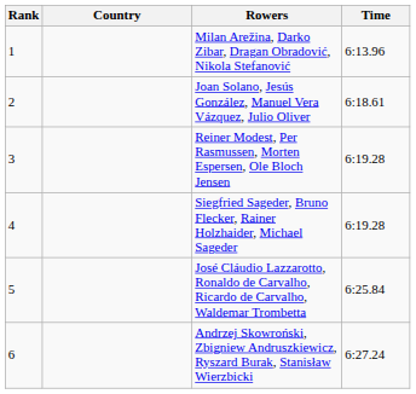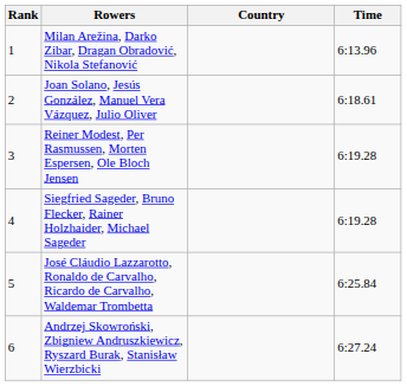 <table class="wikitable">
 <tr>
 <th width=25>Rank</th>
+<th width=175>Rowers</th>
 <th width=175>Country</th>
-<th width=175>Rowers</th>
 <th width=75>Time</th>
 </tr>
 <tr>
 <td>1</td>
+<td><a href='#'>Milan Arežina</a>, <a href='#'>Darko Zibar</a>, <a href='#'>Dragan Obradović</a>, <a href='#'>Nikola Stefanović</a></td>
 <td></td>
-<td><a href='#'>Milan Arežina</a>, <a href='#'>Darko Zibar</a>, <a href='#'>Dragan Obradović</a>, <a href='#'>Nikola Stefanović</a></td>
 <td>6:13.96</td>
 </tr>
 <tr>
 <td>2</td>
+<td><a href='#'>Joan Solano</a>, <a href='#'>Jesús González</a>, <a href='#'>Manuel Vera Vázquez</a>, <a href='#'>Julio Oliver</a></td>
 <td></td>
-<td><a href='#'>Joan Solano</a>, <a href='#'>Jesús González</a>, <a href='#'>Manuel Vera Vázquez</a>, <a href='#'>Julio Oliver</a></td>
 <td>6:18.61</td>
 </tr>
 <tr>
 <td>3</td>
+<td><a href='#'>Reiner Modest</a>, <a href='#'>Per Rasmussen</a>, <a href='#'>Morten Espersen</a>, <a href='#'>Ole Bloch Jensen</a></td>
 <td></td>
-<td><a href='#'>Reiner Modest</a>, <a href='#'>Per Rasmussen</a>, <a href='#'>Morten Espersen</a>, <a href='#'>Ole Bloch Jensen</a></td>
 <td>6:19.28</td>
 </tr>
 <tr>
 <td>4</td>
+<td><a href='#'>Siegfried Sageder</a>, <a href='#'>Bruno Flecker</a>, <a href='#'>Rainer Holzhaider</a>, <a href='#'>Michael Sageder</a></td>
 <td></td>
-<td><a href='#'>Siegfried Sageder</a>, <a href='#'>Bruno Flecker</a>, <a href='#'>Rainer Holzhaider</a>, <a href='#'>Michael Sageder</a></td>
 <td>6:19.28</td>
 </tr>
 <tr>
 <td>5</td>
+<td><a href='#'>José Cláudio Lazzarotto</a>, <a href='#'>Ronaldo de Carvalho</a>, <a href='#'>Ricardo de Carvalho</a>, <a href='#'>Waldemar Trombetta</a></td>
 <td></td>
-<td><a href='#'>José Cláudio Lazzarotto</a>, <a href='#'>Ronaldo de Carvalho</a>, <a href='#'>Ricardo de Carvalho</a>, <a href='#'>Waldemar Trombetta</a></td>
 <td>6:25.84</td>
 </tr>
 <tr>
 <td>6</td>
+<td><a href='#'>Andrzej Skowroński</a>, <a href='#'>Zbigniew Andruszkiewicz</a>, <a href='#'>Ryszard Burak</a>, <a href='#'>Stanisław Wierzbicki</a></td>
 <td></td>
-<td><a href='#'>Andrzej Skowroński</a>, <a href='#'>Zbigniew Andruszkiewicz</a>, <a href='#'>Ryszard Burak</a>, <a href='#'>Stanisław Wierzbicki</a></td>
 <td>6:27.24</td>
 </tr>
 </table>
